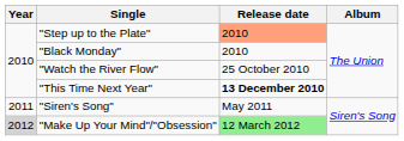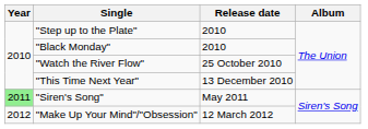 <table class="wikitable" style="text-align: center;">
 <tr>
 <th>Year</th>
 <th>Single</th>
 <th>Release date</th>
 <th>Album</th>
 </tr>
 <tr>
 <td rowspan=4>2010</td>
 <td align="left">"Step up to the Plate"</td>
-<td align="left" style="background: lightsalmon;">2010</td>
+<td align="left">2010</td>
 <td rowspan=4 align="left"><em><a href='#'>The Union</a></em></td>
 </tr>
 <tr>
 <td align="left">"Black Monday"</td>
 <td align="left">2010</td>
 </tr>
 <tr>
 <td align="left">"Watch the River Flow"</td>
 <td align="left">25 October 2010</td>
 </tr>
 <tr>
 <td align="left">"This Time Next Year"</td>
-<td align="left"><strong>13 December 2010</strong></td>
+<td align="left">13 December 2010</td>
 </tr>
 <tr>
-<td>2011</td>
+<td style="background: lightgreen;">2011</td>
 <td align="left">"Siren's Song"</td>
 <td align="left">May 2011</td>
 <td rowspan=2 align="left"><em><a href='#'>Siren's Song</a></em></td>
 </tr>
 <tr>
-<td style="background: lightgrey;">2012</td>
+<td>2012</td>
 <td align="left">"Make Up Your Mind"/"Obsession"</td>
-<td align="left" style="background: lightgreen;">12 March 2012</td>
+<td align="left">12 March 2012</td>
 </tr>
 </table>
